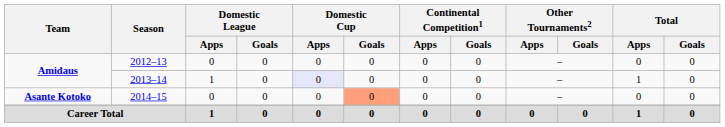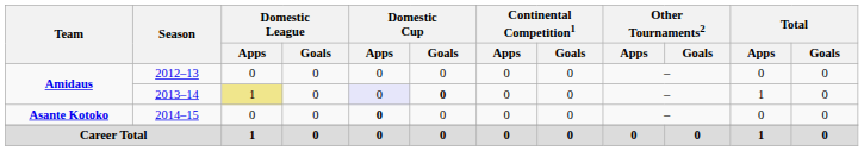 <table class="wikitable" style="font-size:95%; text-align:center; width=75%;">
 <tr>
 <th rowspan=2 width=10%>Team</th>
 <th rowspan=2 width=7%>Season</th>
 <th colspan=2 width=10%>Domestic<br>League</th>
 <th colspan=2 width=10%>Domestic<br>Cup</th>
 <th colspan=2 width=10%>Continental<br>Competition<sup>1</sup></th>
 <th colspan=2 width=10%>Other<br>Tournaments<sup>2</sup></th>
 <th colspan=2 width=10%>Total</th>
 </tr>
 <tr>
 <th>Apps</th>
 <th>Goals</th>
 <th>Apps</th>
 <th>Goals</th>
 <th>Apps</th>
 <th>Goals</th>
 <th>Apps</th>
 <th>Goals</th>
 <th>Apps</th>
 <th>Goals</th>
 </tr>
 <tr>
 <td rowspan=2><strong><a href='#'>Amidaus</a></strong></td>
 <td><a href='#'>2012–13</a></td>
 <td>0</td>
 <td>0</td>
 <td>0</td>
 <td>0</td>
 <td>0</td>
 <td>0</td>
 <td colspan="2">–</td>
 <td>0</td>
 <td>0</td>
 </tr>
 <tr>
 <td><a href='#'>2013–14</a></td>
-<td>1</td>
+<td style="background: khaki;">1</td>
 <td>0</td>
 <td style="background: lavender;">0</td>
-<td>0</td>
+<td><strong>0</strong></td>
 <td>0</td>
 <td>0</td>
 <td colspan="2">–</td>
 <td>1</td>
 <td>0</td>
 </tr>
 <tr>
 <td rowspan=1><strong><a href='#'>Asante Kotoko</a></strong></td>
 <td><a href='#'>2014–15</a></td>
 <td>0</td>
 <td>0</td>
+<td><strong>0</strong></td>
 <td>0</td>
-<td style="background: lightsalmon;">0</td>
 <td>0</td>
 <td>0</td>
 <td colspan="2">–</td>
 <td>0</td>
 <td>0</td>
 </tr>
 <tr>
 </tr>
 <tr style="background: #dcdcdc">
 <td colspan=2><strong>Career Total</strong></td>
 <td><strong>1</strong></td>
 <td><strong>0</strong></td>
 <td><strong>0</strong></td>
 <td><strong>0</strong></td>
 <td><strong>0</strong></td>
 <td><strong>0</strong></td>
 <td><strong>0</strong></td>
 <td><strong>0</strong></td>
 <td><strong>1</strong></td>
 <td><strong>0</strong></td>
 </tr>
 </table>
